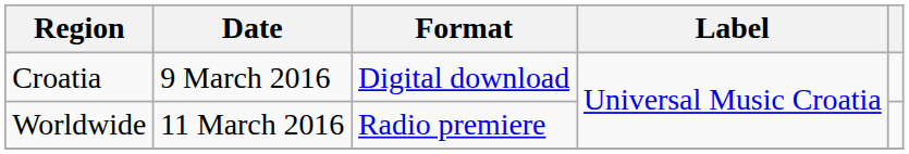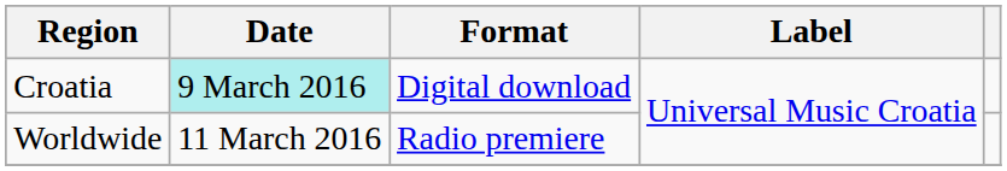 <table class=wikitable>
 <tr>
 <th>Region</th>
 <th>Date</th>
 <th>Format</th>
 <th>Label</th>
 <th></th>
 </tr>
 <tr>
 <td>Croatia</td>
-<td>9 March 2016</td>
+<td style="background: paleturquoise;">9 March 2016</td>
 <td><a href='#'>Digital download</a></td>
 <td rowspan="2"><a href='#'>Universal Music Croatia</a></td>
 <td></td>
 </tr>
 <tr>
 <td>Worldwide</td>
 <td>11 March 2016</td>
 <td><a href='#'>Radio premiere</a></td>
 <td></td>
 </tr>
 <tr>
 </tr>
 </table>
